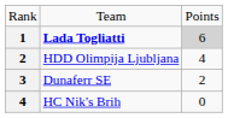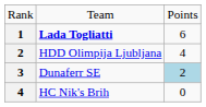 <table class="wikitable" style="text-align: center;">
 <tr>
 <td>Rank</td>
 <td>Team</td>
 <td>Points</td>
 </tr>
 <tr>
 <th>1</th>
 <td style="text-align: left;"> <strong><a href='#'>Lada Togliatti</a></strong></td>
-<td style="background: lightgrey;">6</td>
+<td>6</td>
 </tr>
 <tr>
 <th>2</th>
 <td style="text-align: left;"> <a href='#'>HDD Olimpija Ljubljana</a></td>
 <td>4</td>
 </tr>
 <tr>
 <th>3</th>
 <td style="text-align: left;"> <a href='#'>Dunaferr SE</a></td>
-<td>2</td>
+<td style="background: lightblue;">2</td>
 </tr>
 <tr>
 <th>4</th>
 <td style="text-align: left;"> <a href='#'>HC Nik's Brih</a></td>
 <td>0</td>
 </tr>
 </table>
